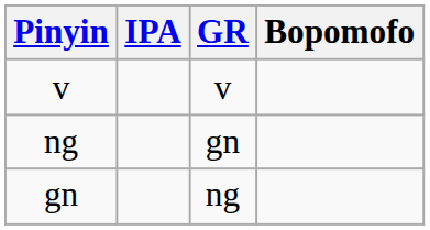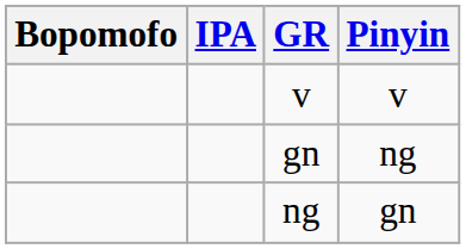 <table class=wikitable>
 <tr>
-<th><a href='#'>Pinyin</a></th>
+<th>Bopomofo</th>
 <th><a href='#'>IPA</a></th>
 <th><a href='#'>GR</a></th>
-<th>Bopomofo</th>
+<th><a href='#'>Pinyin</a></th>
 </tr>
 <tr align=center>
-<td>v</td>
+<td></td>
 <td></td>
 <td>v</td>
-<td></td>
+<td>v</td>
 </tr>
 <tr align=center>
-<td>ng</td>
+<td></td>
 <td></td>
 <td>gn</td>
-<td></td>
+<td>ng</td>
 </tr>
 <tr align=center>
-<td>gn</td>
+<td></td>
 <td></td>
 <td>ng</td>
-<td></td>
+<td>gn</td>
 </tr>
 </table>
